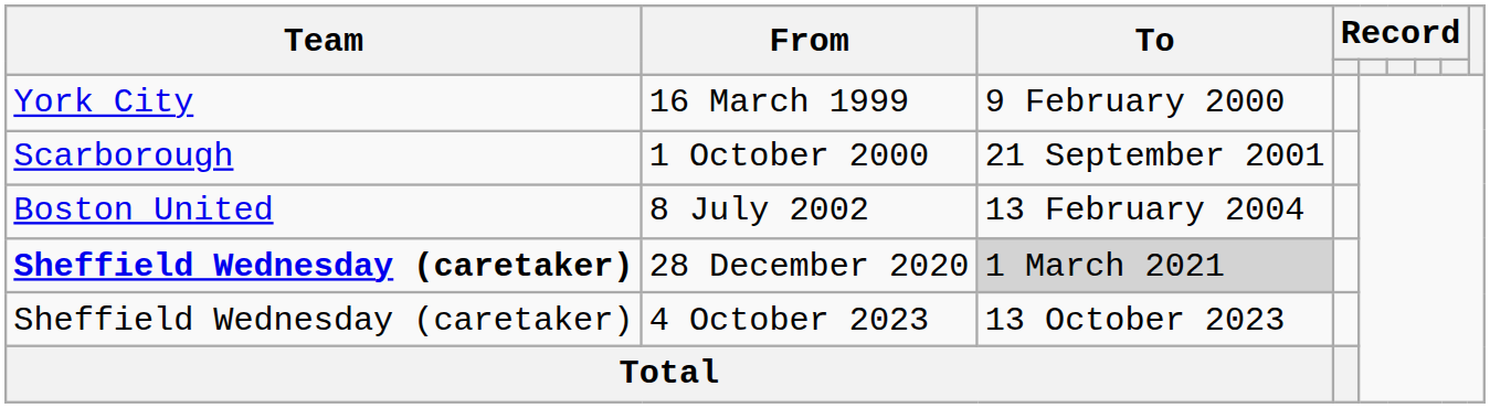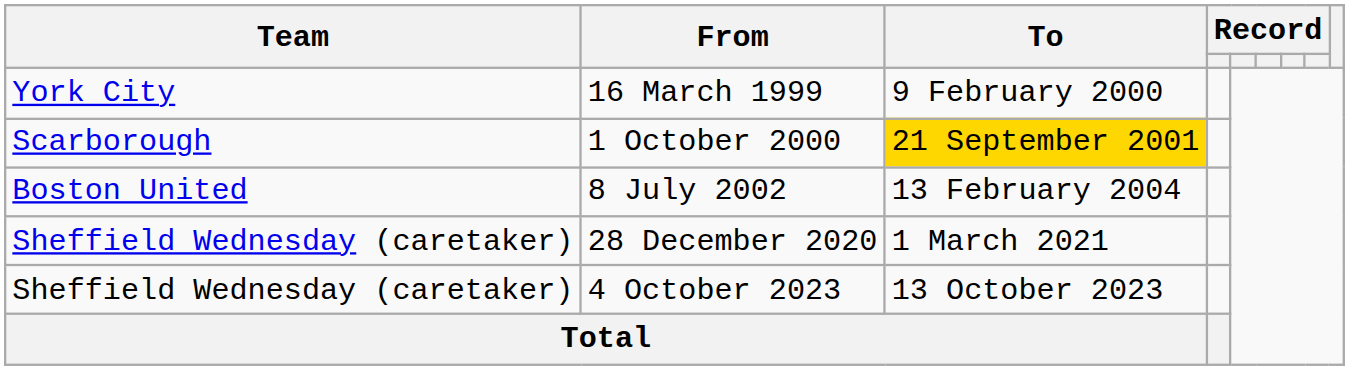 <table class="wikitable" style="text-align: center">
 <tr>
 <th rowspan=2>Team</th>
 <th rowspan=2>From</th>
 <th rowspan=2>To</th>
 <th colspan=5>Record</th>
 <th rowspan=2></th>
 </tr>
 <tr>
 <th></th>
 <th></th>
 <th></th>
 <th></th>
 <th></th>
 </tr>
 <tr>
 <td align=left><a href='#'>York City</a></td>
 <td align=left>16 March 1999</td>
 <td align=left>9 February 2000<br></td>
 <td></td>
 </tr>
 <tr>
 <td align=left><a href='#'>Scarborough</a></td>
 <td align=left>1 October 2000</td>
-<td align=left>21 September 2001<br></td>
+<td align=left style="background: gold;">21 September 2001<br></td>
 <td></td>
 </tr>
 <tr>
 <td align=left><a href='#'>Boston United</a></td>
 <td align=left>8 July 2002</td>
 <td align=left>13 February 2004<br></td>
 <td></td>
 </tr>
 <tr>
-<td align=left><strong><a href='#'>Sheffield Wednesday</a> (caretaker)</strong></td>
+<td align=left><a href='#'>Sheffield Wednesday</a> (caretaker)</td>
 <td align=left>28 December 2020</td>
-<td align=left style="background: lightgrey;">1 March 2021<br></td>
+<td align=left>1 March 2021<br></td>
 <td></td>
 </tr>
 <tr>
 <td align=left>Sheffield Wednesday (caretaker)</td>
 <td align=left>4 October 2023</td>
 <td align=left>13 October 2023<br></td>
 <td></td>
 </tr>
 <tr>
 <th colspan="3">Total<br></th>
 <th></th>
 </tr>
 </table>
